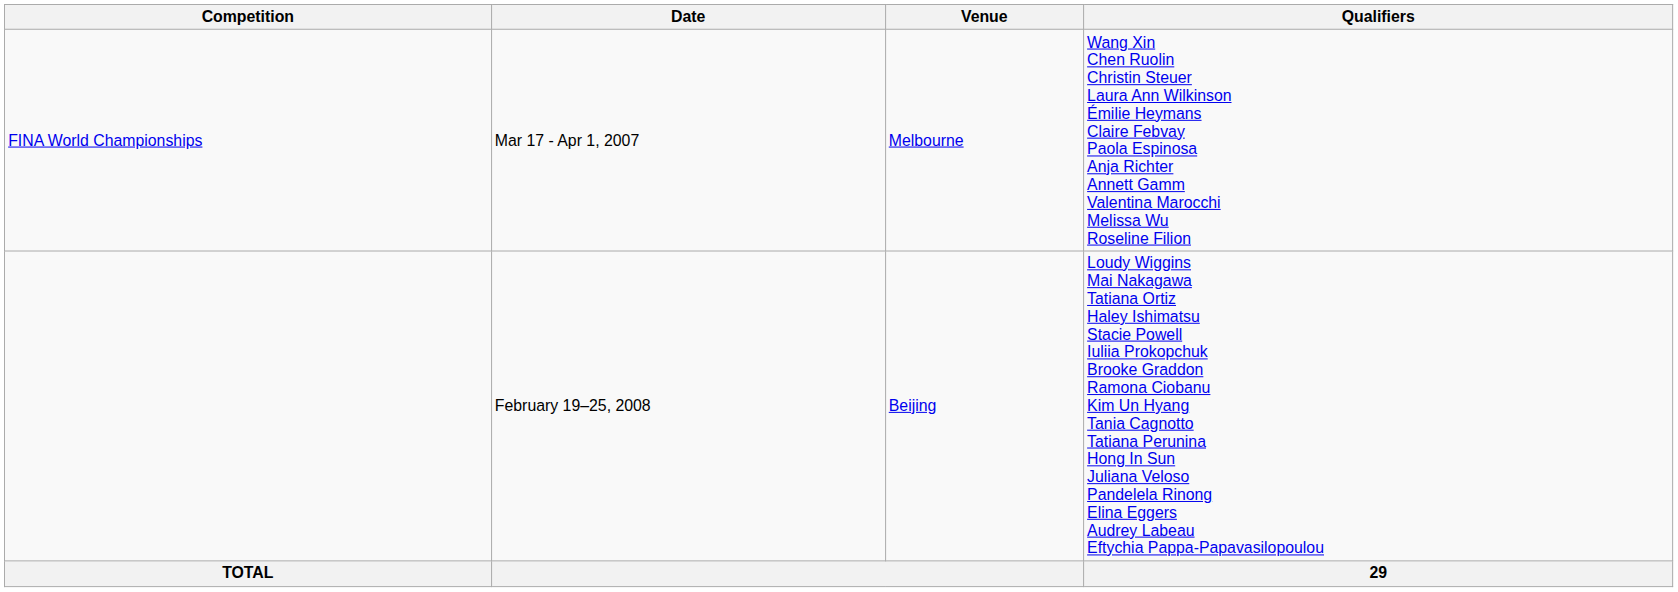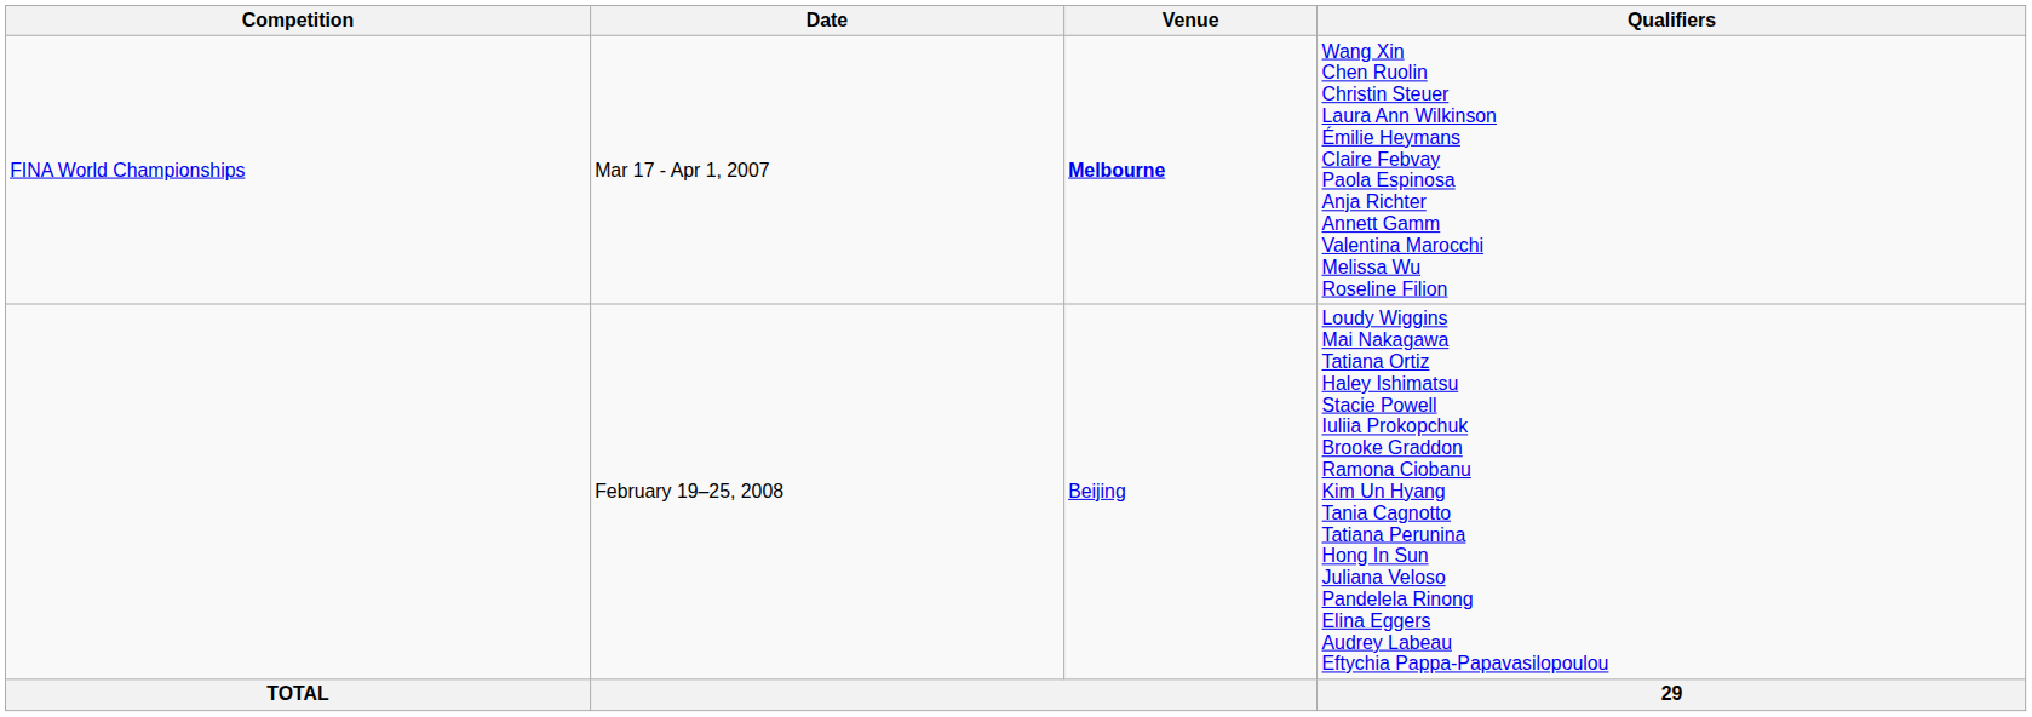 <table class="wikitable" width=85%>
 <tr>
 <th>Competition</th>
 <th>Date</th>
 <th>Venue</th>
 <th>Qualifiers</th>
 </tr>
 <tr>
 <td><a href='#'>FINA World Championships</a></td>
 <td>Mar 17 - Apr 1, 2007</td>
-<td> <a href='#'>Melbourne</a></td>
+<td><strong> <a href='#'>Melbourne</a></strong></td>
 <td> <a href='#'>Wang Xin</a><br> <a href='#'>Chen Ruolin</a><br> <a href='#'>Christin Steuer</a><br> <a href='#'>Laura Ann Wilkinson</a> <br> <a href='#'>Émilie Heymans</a><br> <a href='#'>Claire Febvay</a><br> <a href='#'>Paola Espinosa</a><br> <a href='#'>Anja Richter</a><br> <a href='#'>Annett Gamm</a><br> <a href='#'>Valentina Marocchi</a><br> <a href='#'>Melissa Wu</a><br> <a href='#'>Roseline Filion</a></td>
 </tr>
 <tr>
 <td></td>
 <td>February 19–25, 2008</td>
 <td> <a href='#'>Beijing</a></td>
 <td> <a href='#'>Loudy Wiggins</a><br> <a href='#'>Mai Nakagawa</a><br> <a href='#'>Tatiana Ortiz</a> <br> <a href='#'>Haley Ishimatsu</a><br> <a href='#'>Stacie Powell</a><br> <a href='#'>Iuliia Prokopchuk</a><br> <a href='#'>Brooke Graddon</a><br> <a href='#'>Ramona Ciobanu</a><br> <a href='#'>Kim Un Hyang</a><br> <a href='#'>Tania Cagnotto</a><br> <a href='#'>Tatiana Perunina</a> <br> <a href='#'>Hong In Sun</a><br> <a href='#'>Juliana Veloso</a><br> <a href='#'>Pandelela Rinong</a><br> <a href='#'>Elina Eggers</a><br> <a href='#'>Audrey Labeau</a><br> <a href='#'>Eftychia Pappa-Papavasilopoulou</a></td>
 </tr>
 <tr>
 <th>TOTAL</th>
 <th colspan="2"></th>
 <th>29</th>
 </tr>
 </table>
